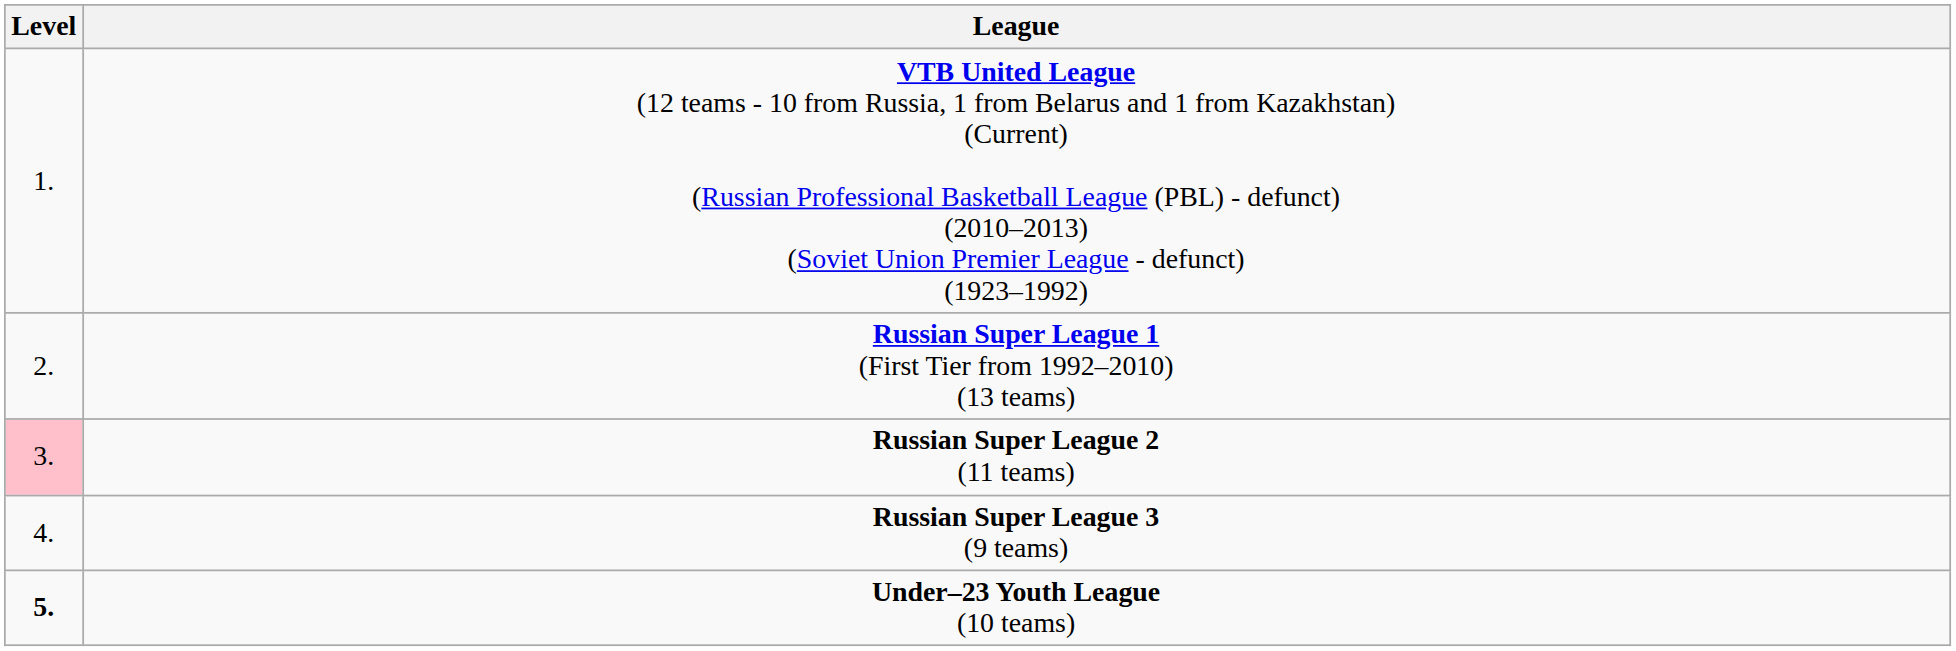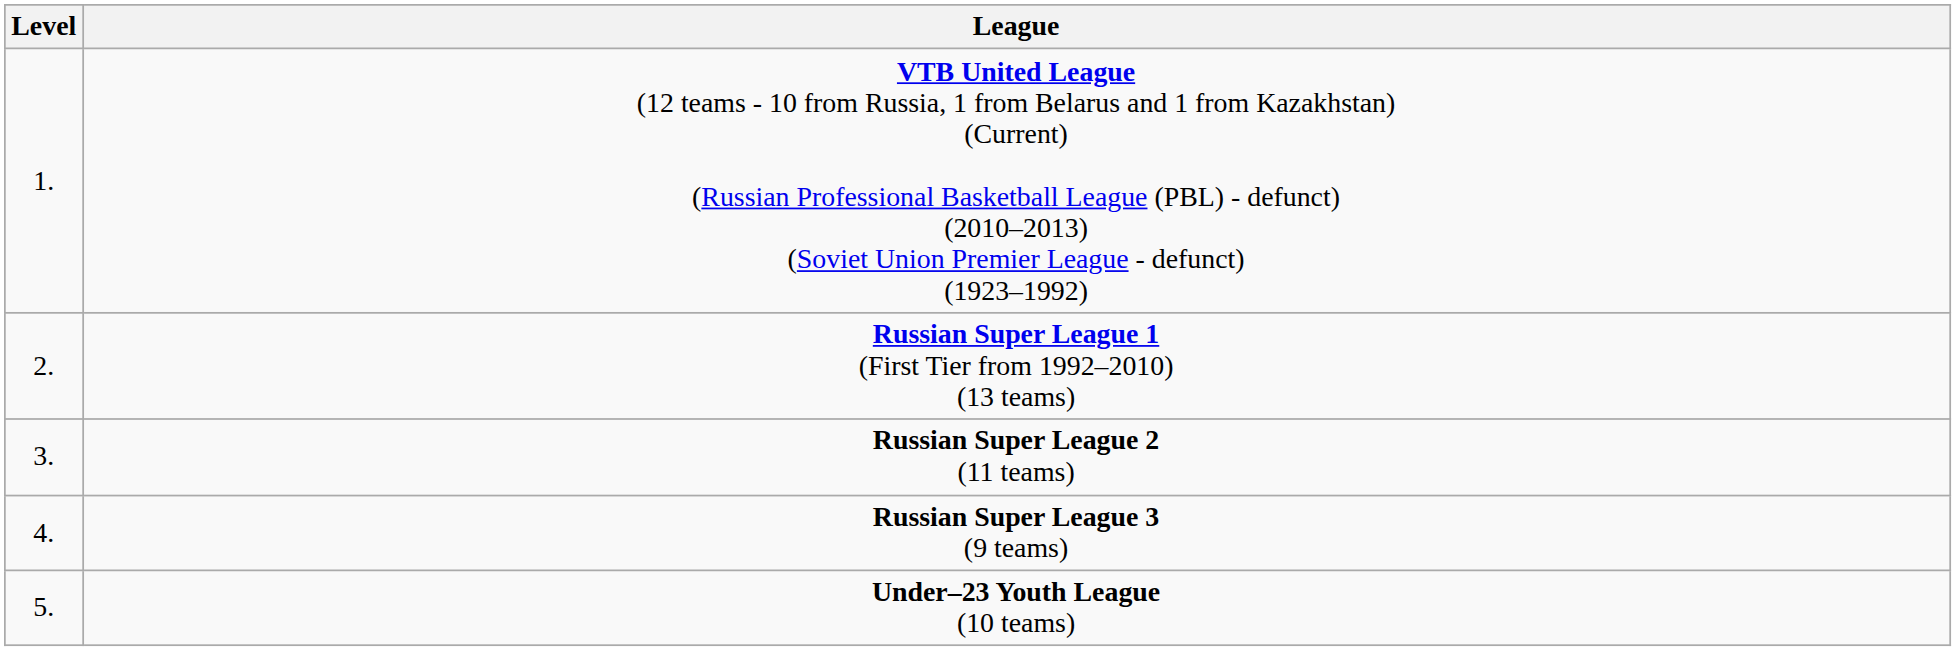 <table class="wikitable" style="text-align: center;">
 <tr south>
 <th colspan="1" width="4%">Level</th>
 <th colspan="5" width="96%">League</th>
 </tr>
 <tr>
 <td colspan="1" width="4%">1.</td>
 <td colspan="5" width="96%"><strong><a href='#'>VTB United League</a></strong><br>(12 teams - 10 from Russia, 1 from Belarus and 1 from Kazakhstan)<br>(Current)<br><br>(<a href='#'>Russian Professional Basketball League</a> (PBL) - defunct) <br>(2010–2013) <br>(<a href='#'>Soviet Union Premier League</a> - defunct)<br>(1923–1992)</td>
 </tr>
 <tr>
 <td colspan="1" width="4%">2.</td>
 <td colspan="5" width="96%"><strong><a href='#'>Russian Super League 1</a></strong><br>(First Tier from 1992–2010)<br>(13 teams)</td>
 </tr>
 <tr>
-<td colspan="1" width="4%" style="background: pink;">3.</td>
+<td colspan="1" width="4%">3.</td>
 <td colspan="5" width="96%"><strong>Russian Super League 2</strong><br>(11 teams)</td>
 </tr>
 <tr>
 <td colspan="1" width="4%">4.</td>
 <td colspan="1" width="96%"><strong>Russian Super League 3</strong><br>(9 teams)</td>
 </tr>
 <tr>
-<td colspan="1" width="4%"><strong>5.</strong></td>
+<td colspan="1" width="4%">5.</td>
 <td colspan="5" width="96%"><strong>Under–23 Youth League</strong><br>(10 teams)</td>
 </tr>
 </table>
